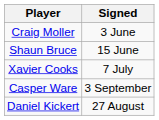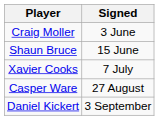 <table class="wikitable sortable sortable" style="text-align: center">
 <tr>
 <th>Player</th>
 <th>Signed</th>
 </tr>
 <tr>
 <td><a href='#'>Craig Moller</a></td>
 <td>3 June</td>
 </tr>
 <tr>
 <td><a href='#'>Shaun Bruce</a></td>
 <td>15 June</td>
 </tr>
 <tr>
 <td><a href='#'>Xavier Cooks</a></td>
 <td>7 July</td>
 </tr>
 <tr>
 <td><a href='#'>Casper Ware</a></td>
-<td>3 September</td>
+<td>27 August</td>
 </tr>
 <tr>
 <td><a href='#'>Daniel Kickert</a></td>
-<td>27 August</td>
+<td>3 September</td>
 </tr>
 </table>
